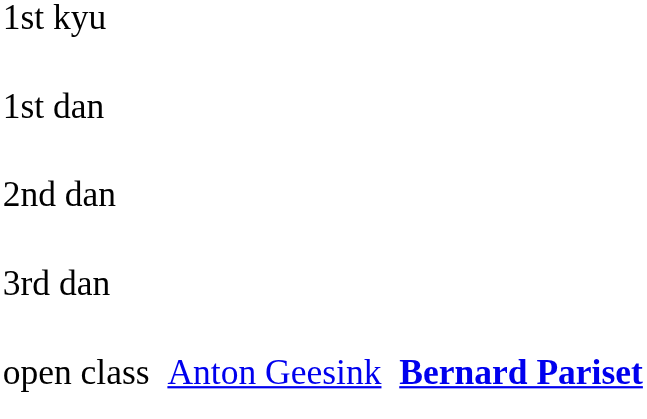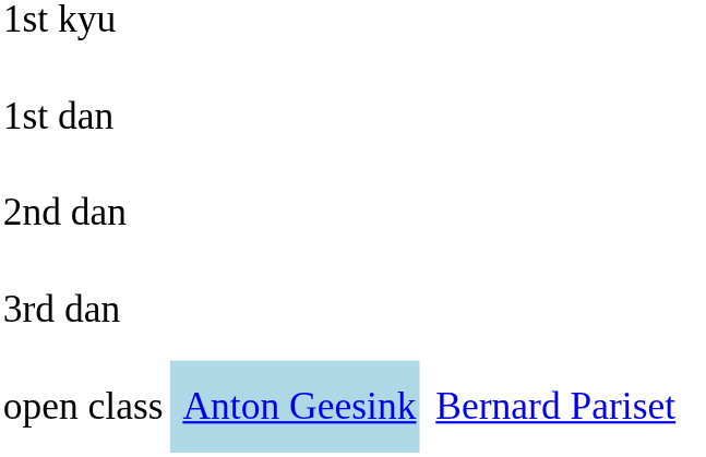 <table>
 <tr>
 <td>1st kyu</td>
 <td> <a href='#'></a></td>
 <td> <a href='#'></a></td>
 <td> <a href='#'></a><br> <a href='#'></a></td>
 </tr>
 <tr>
 <td>1st dan</td>
 <td> <a href='#'></a></td>
 <td> <a href='#'></a></td>
 <td> <a href='#'></a><br> <a href='#'></a></td>
 </tr>
 <tr>
 <td>2nd dan</td>
 <td> <a href='#'></a></td>
 <td> <a href='#'></a></td>
 <td> <a href='#'></a><br> <a href='#'></a></td>
 </tr>
 <tr>
 <td>3rd dan</td>
 <td> <a href='#'></a></td>
 <td> <a href='#'></a></td>
 <td> <a href='#'></a><br> <a href='#'></a></td>
 </tr>
 <tr>
 <td>open class</td>
-<td> <a href='#'>Anton Geesink</a></td>
-<td><strong> <a href='#'>Bernard Pariset</a></strong></td>
+<td style="background: lightblue;"> <a href='#'>Anton Geesink</a></td>
+<td> <a href='#'>Bernard Pariset</a></td>
 <td> <a href='#'></a><br> <a href='#'></a></td>
 </tr>
 </table>
